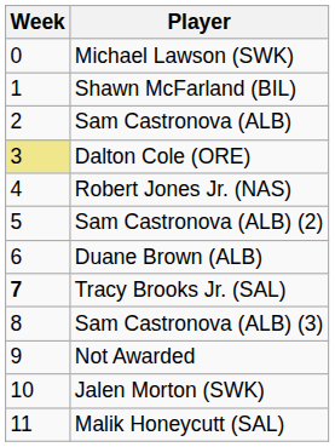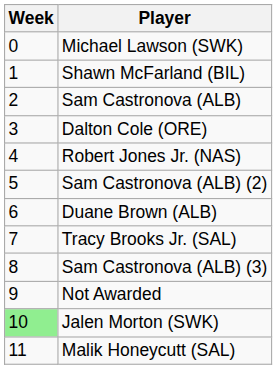 <table class="wikitable">
 <tr>
 <th>Week</th>
 <th>Player</th>
 </tr>
 <tr>
 <td>0</td>
 <td>Michael Lawson (SWK)</td>
 </tr>
 <tr>
 <td>1</td>
 <td>Shawn McFarland (BIL)</td>
 </tr>
 <tr>
 <td>2</td>
 <td>Sam Castronova (ALB)</td>
 </tr>
 <tr>
-<td style="background: khaki;">3</td>
+<td>3</td>
 <td>Dalton Cole (ORE)</td>
 </tr>
 <tr>
 <td>4</td>
 <td>Robert Jones Jr. (NAS)</td>
 </tr>
 <tr>
 <td>5</td>
 <td>Sam Castronova (ALB) (2)</td>
 </tr>
 <tr>
 <td>6</td>
 <td>Duane Brown (ALB)</td>
 </tr>
 <tr>
-<td><strong>7</strong></td>
+<td>7</td>
 <td>Tracy Brooks Jr. (SAL)</td>
 </tr>
 <tr>
 <td>8</td>
 <td>Sam Castronova (ALB) (3)</td>
 </tr>
 <tr>
 <td>9</td>
 <td>Not Awarded</td>
 </tr>
 <tr>
-<td>10</td>
+<td style="background: lightgreen;">10</td>
 <td>Jalen Morton (SWK)</td>
 </tr>
 <tr>
 <td>11</td>
 <td>Malik Honeycutt (SAL)</td>
 </tr>
 </table>
